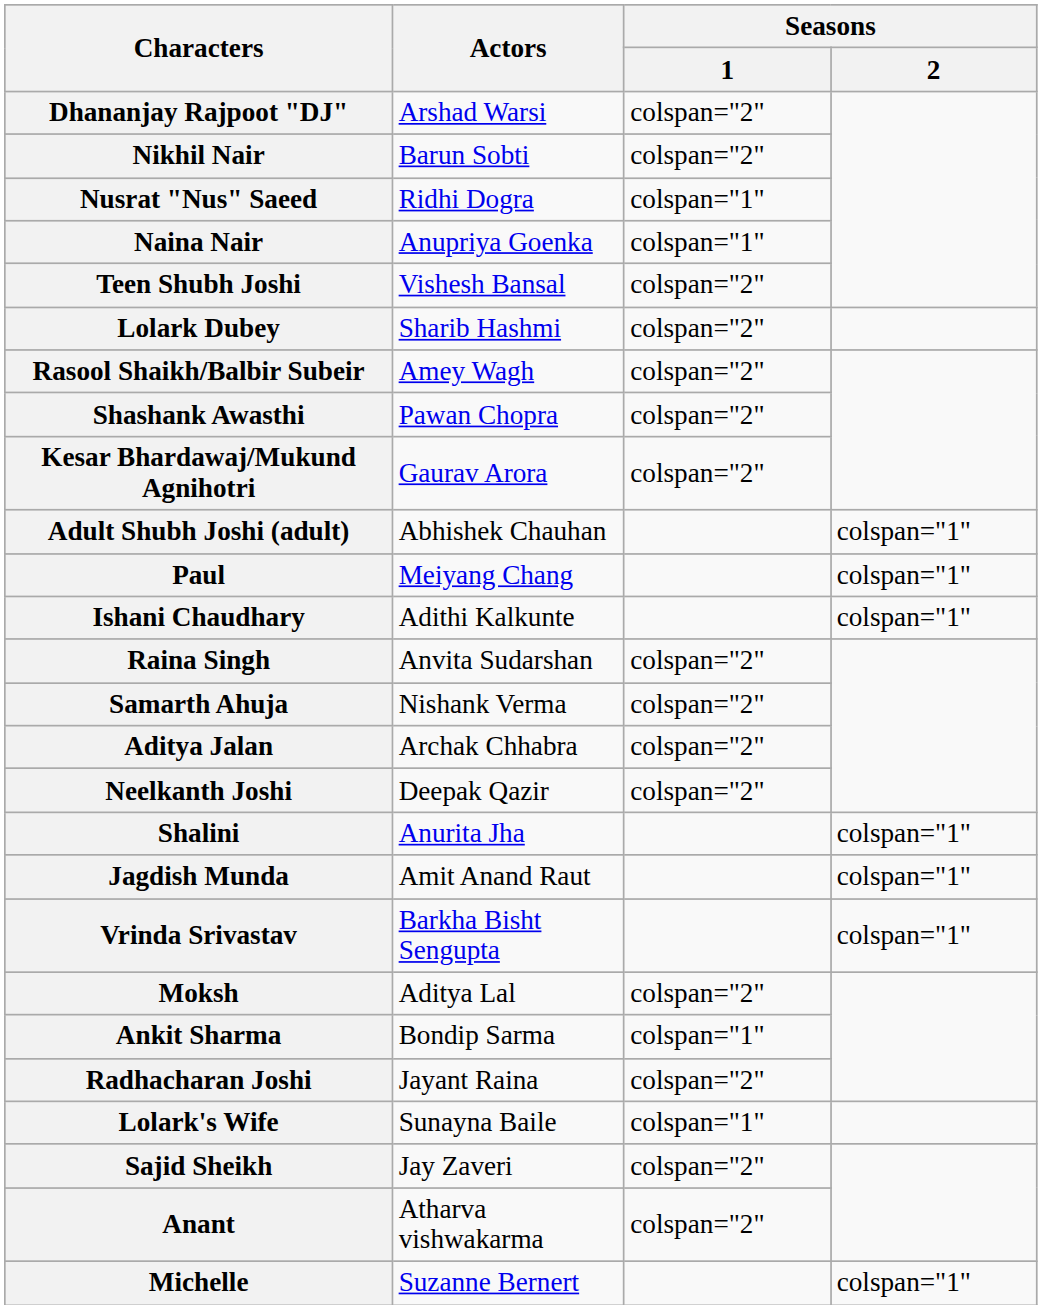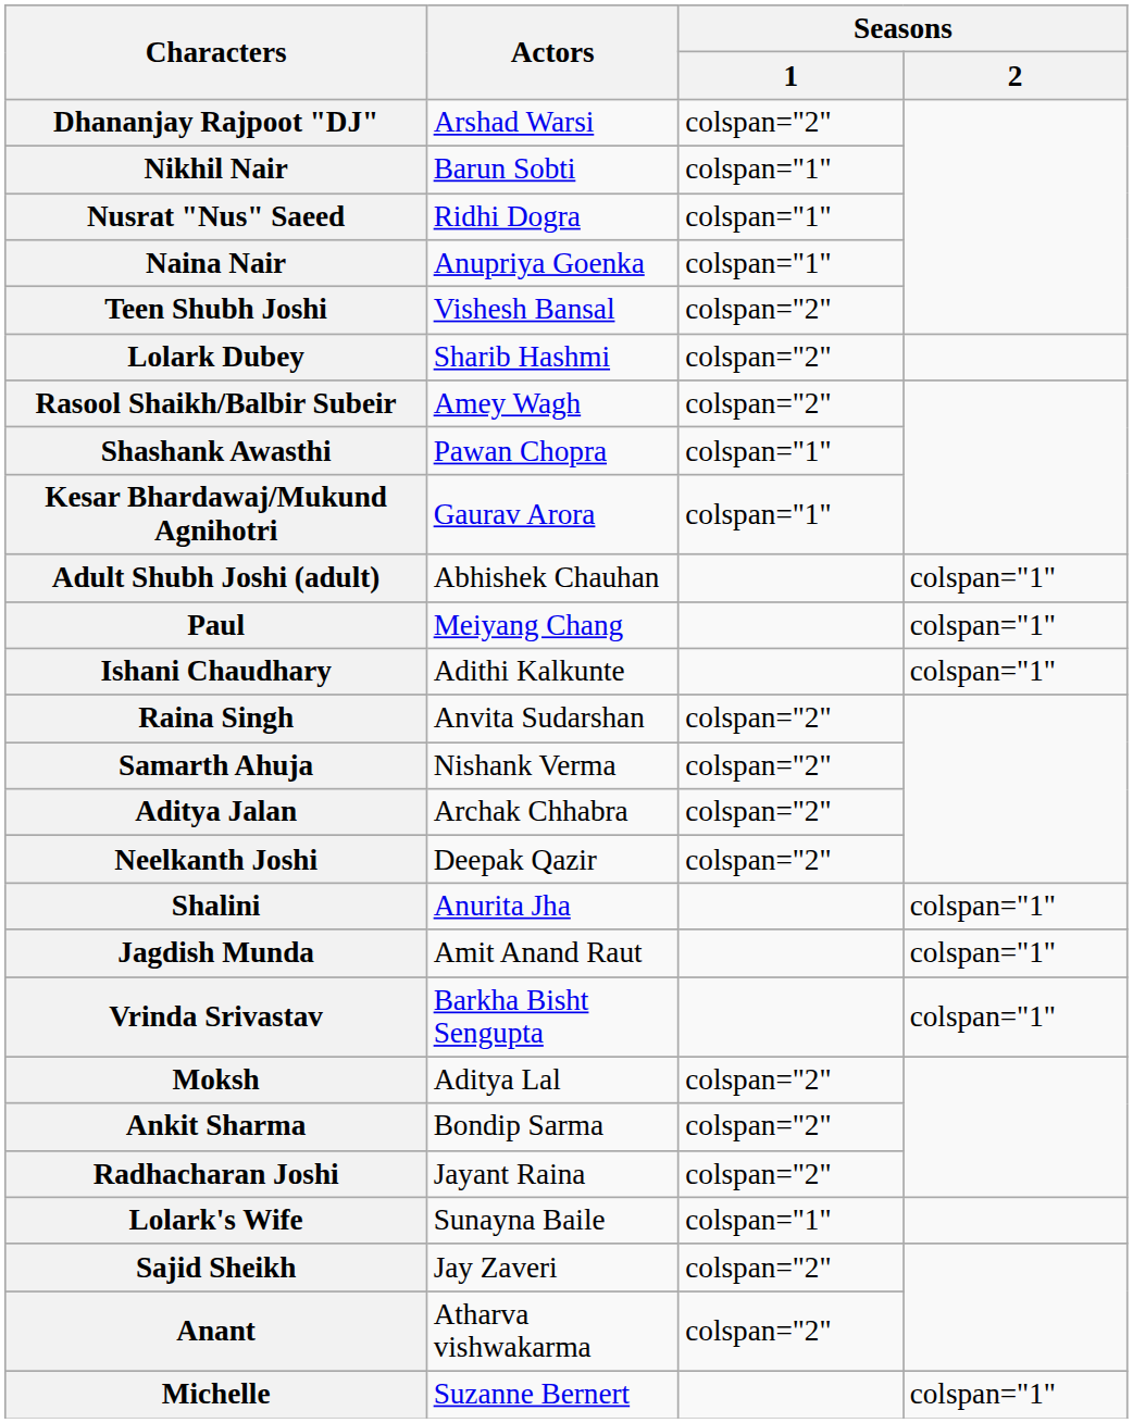 <table class="wikitable plainrowheaders" style="text-align:left;">
 <tr>
 <th scope="col" rowspan="2">Characters</th>
 <th scope="col" rowspan="2">Actors</th>
 <th scope="col" colspan="2">Seasons</th>
 </tr>
 <tr>
 <th width="20%">1</th>
 <th width="20%">2</th>
 </tr>
 <tr>
 <th scope="row">Dhananjay Rajpoot "DJ"</th>
 <td><a href='#'>Arshad Warsi</a></td>
 <td>colspan="2" </td>
 </tr>
 <tr>
 <th scope="row">Nikhil Nair</th>
 <td><a href='#'>Barun Sobti</a></td>
-<td>colspan="2" </td>
+<td>colspan="1" </td>
 </tr>
 <tr>
 <th scope="row">Nusrat "Nus" Saeed</th>
 <td><a href='#'>Ridhi Dogra</a></td>
 <td>colspan="1" </td>
 </tr>
 <tr>
 <th scope="row">Naina Nair</th>
 <td><a href='#'>Anupriya Goenka</a></td>
 <td>colspan="1" </td>
 </tr>
 <tr>
 <th scope="row">Teen Shubh Joshi</th>
 <td><a href='#'>Vishesh Bansal</a></td>
 <td>colspan="2" </td>
 </tr>
 <tr>
 <th scope="row">Lolark Dubey</th>
 <td><a href='#'>Sharib Hashmi</a></td>
 <td>colspan="2" </td>
 <td></td>
 </tr>
 <tr>
 <th scope="row">Rasool Shaikh/Balbir Subeir</th>
 <td><a href='#'>Amey Wagh</a></td>
 <td>colspan="2" </td>
 </tr>
 <tr>
 <th scope="row">Shashank Awasthi</th>
 <td><a href='#'>Pawan Chopra</a></td>
-<td>colspan="2" </td>
+<td>colspan="1" </td>
 </tr>
 <tr>
 <th scope="row">Kesar Bhardawaj/Mukund Agnihotri</th>
 <td><a href='#'>Gaurav Arora</a></td>
-<td>colspan="2" </td>
+<td>colspan="1" </td>
 </tr>
 <tr>
 <th scope="row">Adult Shubh Joshi (adult)</th>
 <td>Abhishek Chauhan</td>
 <td></td>
 <td>colspan="1" </td>
 </tr>
 <tr>
 <th scope="row">Paul</th>
 <td><a href='#'>Meiyang Chang</a></td>
 <td></td>
 <td>colspan="1" </td>
 </tr>
 <tr>
 <th scope="row">Ishani Chaudhary</th>
 <td>Adithi Kalkunte</td>
 <td></td>
 <td>colspan="1" </td>
 </tr>
 <tr>
 <th scope="row">Raina Singh</th>
 <td>Anvita Sudarshan</td>
 <td>colspan="2" </td>
 </tr>
 <tr>
 <th scope="row">Samarth Ahuja</th>
 <td>Nishank Verma</td>
 <td>colspan="2" </td>
 </tr>
 <tr>
 <th scope="row">Aditya Jalan</th>
 <td>Archak Chhabra</td>
 <td>colspan="2" </td>
 </tr>
 <tr>
 <th scope="row">Neelkanth Joshi</th>
 <td>Deepak Qazir</td>
 <td>colspan="2" </td>
 </tr>
 <tr>
 <th scope="row">Shalini</th>
 <td><a href='#'>Anurita Jha</a></td>
 <td></td>
 <td>colspan="1" </td>
 </tr>
 <tr>
 <th scope="row">Jagdish Munda</th>
 <td>Amit Anand Raut</td>
 <td></td>
 <td>colspan="1" </td>
 </tr>
 <tr>
 <th scope="row">Vrinda Srivastav</th>
 <td><a href='#'>Barkha Bisht Sengupta</a></td>
 <td></td>
 <td>colspan="1" </td>
 </tr>
 <tr>
 <th scope="row">Moksh</th>
 <td>Aditya Lal</td>
 <td>colspan="2" </td>
 </tr>
 <tr>
 <th scope="row">Ankit Sharma</th>
 <td>Bondip Sarma</td>
-<td>colspan="1" </td>
+<td>colspan="2" </td>
 </tr>
 <tr>
 <th scope="row">Radhacharan Joshi</th>
 <td>Jayant Raina</td>
 <td>colspan="2" </td>
 </tr>
 <tr>
 <th scope="row">Lolark's Wife</th>
 <td>Sunayna Baile</td>
 <td>colspan="1" </td>
 <td></td>
 </tr>
 <tr>
 <th scope="row">Sajid Sheikh</th>
 <td>Jay Zaveri</td>
 <td>colspan="2" </td>
 </tr>
 <tr>
 <th scope="row">Anant</th>
 <td>Atharva vishwakarma</td>
 <td>colspan="2" </td>
 </tr>
 <tr>
 <th scope="row">Michelle</th>
 <td><a href='#'>Suzanne Bernert</a></td>
 <td></td>
 <td>colspan="1" <br></td>
 </tr>
 </table>
